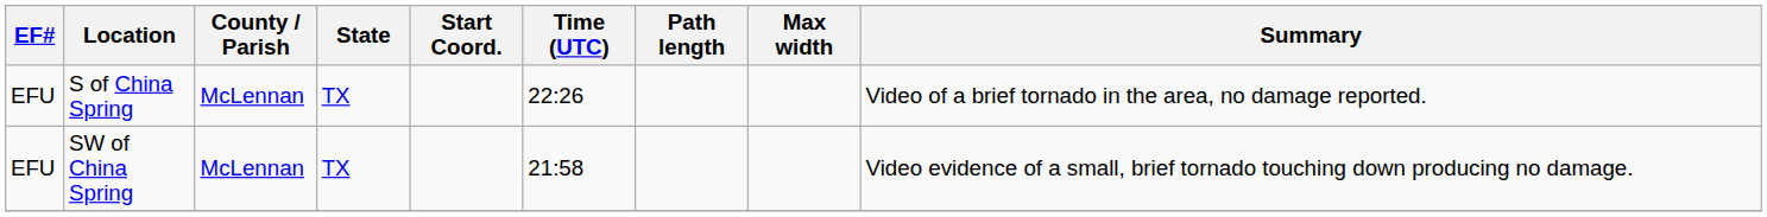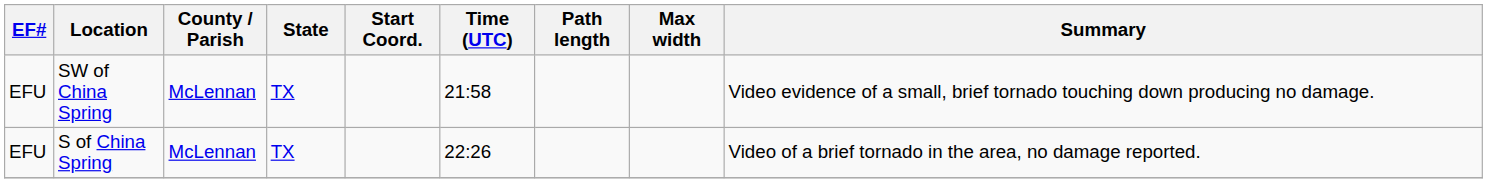 <table class="wikitable sortable" style="width:100%;">
 <tr>
 <th scope="col"  style="width:3%; text-align:center;"><a href='#'>EF#</a></th>
 <th scope="col"  style="width:7%; text-align:center;" class="unsortable">Location</th>
 <th scope="col"  style="width:6%; text-align:center;" class="unsortable">County / Parish</th>
 <th scope="col"  style="width:5%; text-align:center;">State</th>
 <th scope="col"  style="width:6%; text-align:center;">Start Coord.</th>
 <th scope="col"  style="width:6%; text-align:center;">Time (<a href='#'>UTC</a>)</th>
 <th scope="col"  style="width:6%; text-align:center;">Path length</th>
 <th scope="col"  style="width:6%; text-align:center;">Max width</th>
 <th scope="col" class="unsortable" style="width:48%; text-align:center;">Summary</th>
 </tr>
 <tr>
 <td>EFU</td>
+<td>SW of <a href='#'>China Spring</a></td>
+<td><a href='#'>McLennan</a></td>
+<td><a href='#'>TX</a></td>
+<td></td>
+<td>21:58</td>
+<td></td>
+<td></td>
+<td>Video evidence of a small, brief tornado touching down producing no damage.</td>
+</tr>
+<tr>
+<td>EFU</td>
 <td>S of <a href='#'>China Spring</a></td>
 <td><a href='#'>McLennan</a></td>
 <td><a href='#'>TX</a></td>
 <td></td>
 <td>22:26</td>
 <td></td>
 <td></td>
 <td>Video of a brief tornado in the area, no damage reported.</td>
 </tr>
 <tr>
-<td>EFU</td>
-<td>SW of <a href='#'>China Spring</a></td>
-<td><a href='#'>McLennan</a></td>
-<td><a href='#'>TX</a></td>
-<td></td>
-<td>21:58</td>
-<td></td>
-<td></td>
-<td>Video evidence of a small, brief tornado touching down producing no damage.</td>
-</tr>
-<tr>
 </tr>
 </table>
